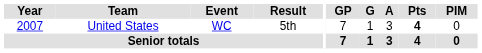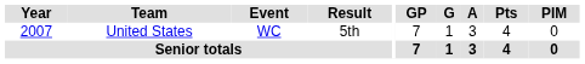 <table border="0" cellpadding="1" cellspacing="0" ID="Table3" style="text-align:center; width:40em">
 <tr ALIGN="center" bgcolor="#e0e0e0">
 <th>Year</th>
 <th>Team</th>
 <th>Event</th>
 <th>Result</th>
 <th rowspan="99" bgcolor="#ffffff"></th>
 <th>GP</th>
 <th>G</th>
 <th>A</th>
 <th>Pts</th>
 <th>PIM</th>
 </tr>
 <tr>
 <td><a href='#'>2007</a></td>
 <td><a href='#'>United States</a></td>
 <td><a href='#'>WC</a></td>
 <td>5th</td>
 <td>7</td>
 <td>1</td>
 <td>3</td>
-<td><strong>4</strong></td>
+<td>4</td>
 <td>0</td>
 </tr>
 <tr bgcolor="#e0e0e0">
 <th colspan="4">Senior totals</th>
 <th>7</th>
 <th>1</th>
 <th>3</th>
 <th>4</th>
 <th>0</th>
 </tr>
 </table>
